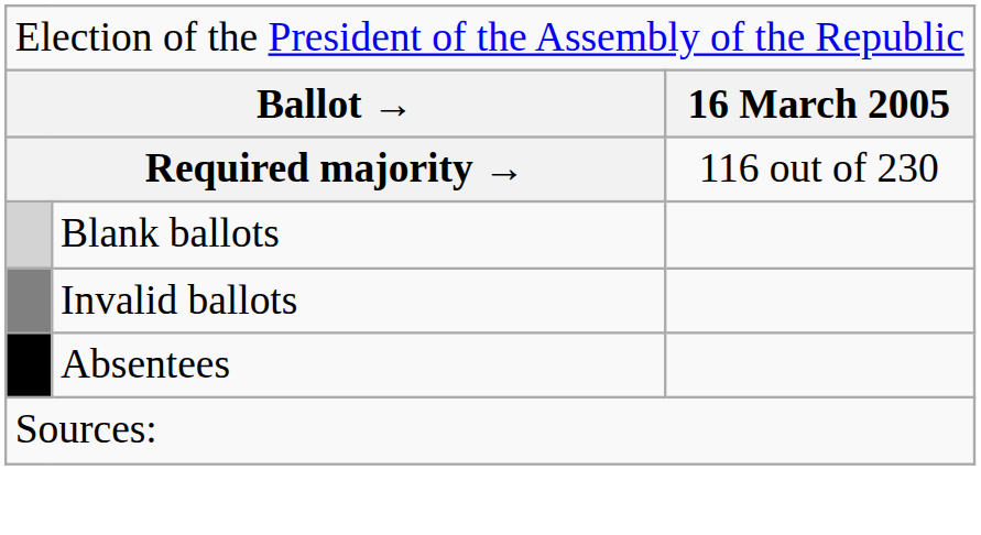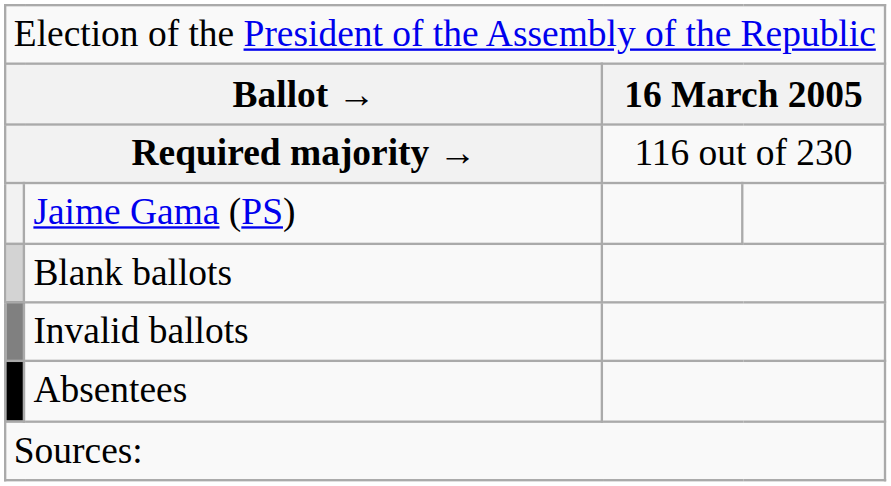 <table class="wikitable" style="text-align:center;">
 <tr>
 <td colspan="4" align="center">Election of the <a href='#'>President of the Assembly of the Republic</a></td>
 </tr>
 <tr>
 <th colspan="2" width="225px">Ballot →</th>
 <th colspan="2">16 March 2005</th>
 </tr>
 <tr>
 <th colspan="2">Required majority →</th>
 <td colspan="2">116 out of 230</td>
+</tr>
+<tr>
+<th width="1px" style="background:"></th>
+<td align="left"><a href='#'>Jaime Gama</a> (<a href='#'>PS</a>)</td>
+<td></td>
+<td></td>
 </tr>
 <tr>
 <th style="background:lightgray;"></th>
 <td align="left">Blank ballots</td>
 <td colspan="2"></td>
 </tr>
 <tr>
 <th style="background:gray;"></th>
 <td align="left">Invalid ballots</td>
 <td colspan="2"></td>
 </tr>
 <tr>
 <th style="background:black;"></th>
 <td align="left">Absentees</td>
 <td colspan="2"></td>
 </tr>
 <tr>
 <td align="left" colspan="4">Sources:</td>
 </tr>
 </table>
